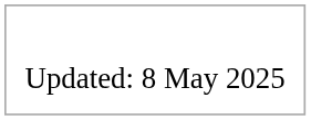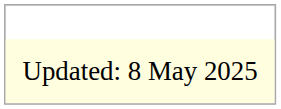 <table style="border:solid 1px #aaa;" cellpadding="10" cellspacing="0">
 <tr>
 <td></td>
 </tr>
 <tr>
-<td>Updated: 8 May 2025</td>
+<td style="background: lightyellow;">Updated: 8 May 2025</td>
 </tr>
 </table>
